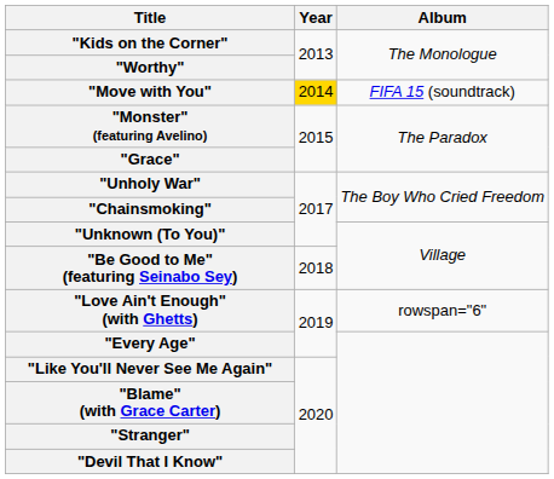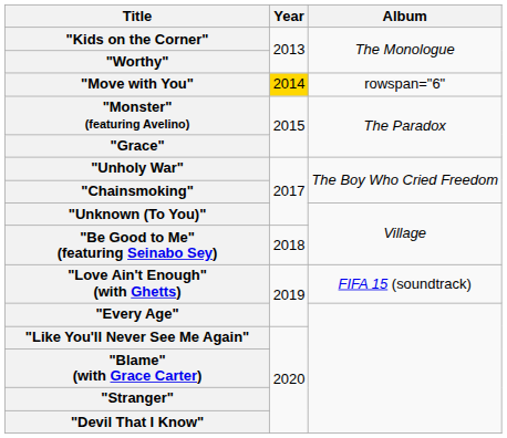 <table class="wikitable plainrowheaders" style="text-align:center;">
 <tr>
 <th scope="col" style="width:18em;">Title</th>
 <th scope="col" style="width:1em;">Year</th>
 <th scope="col">Album</th>
 </tr>
 <tr>
 <th scope="row">"Kids on the Corner"</th>
 <td rowspan="2">2013</td>
 <td rowspan="2"><em>The Monologue</em></td>
 </tr>
 <tr>
 <th scope="row">"Worthy"</th>
 </tr>
 <tr>
 <th scope="row">"Move with You"</th>
 <td style="background: gold;">2014</td>
-<td><em><a href='#'>FIFA 15</a></em> (soundtrack)</td>
+<td>rowspan="6" </td>
 </tr>
 <tr>
 <th scope="row">"Monster"<br><small>(featuring Avelino)</small></th>
 <td rowspan="2">2015</td>
 <td rowspan="2"><em>The Paradox</em></td>
 </tr>
 <tr>
 <th scope="row">"Grace"</th>
 </tr>
 <tr>
 <th scope="row">"Unholy War"</th>
 <td rowspan="3">2017</td>
 <td rowspan="2"><em>The Boy Who Cried Freedom</em></td>
 </tr>
 <tr>
 <th scope="row">"Chainsmoking"</th>
 </tr>
 <tr>
 <th scope="row">"Unknown (To You)"</th>
 <td rowspan="2"><em>Village</em></td>
 </tr>
 <tr>
 <th scope="row">"Be Good to Me"<br><span>(featuring <a href='#'>Seinabo Sey</a>)</span></th>
 <td>2018</td>
 </tr>
 <tr>
 <th scope="row">"Love Ain't Enough"<br><span>(with <a href='#'>Ghetts</a>)</span></th>
 <td rowspan="2">2019</td>
-<td>rowspan="6" </td>
+<td><em><a href='#'>FIFA 15</a></em> (soundtrack)</td>
 </tr>
 <tr>
 <th scope="row">"Every Age"</th>
 </tr>
 <tr>
 <th scope="row">"Like You'll Never See Me Again"</th>
 <td rowspan="4">2020</td>
 </tr>
 <tr>
 <th scope="row">"Blame"<br><span>(with <a href='#'>Grace Carter</a>)</span></th>
 </tr>
 <tr>
 <th scope="row">"Stranger"</th>
 </tr>
 <tr>
 <th scope="row">"Devil That I Know"</th>
 </tr>
 </table>
